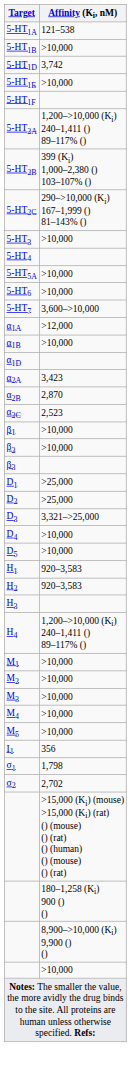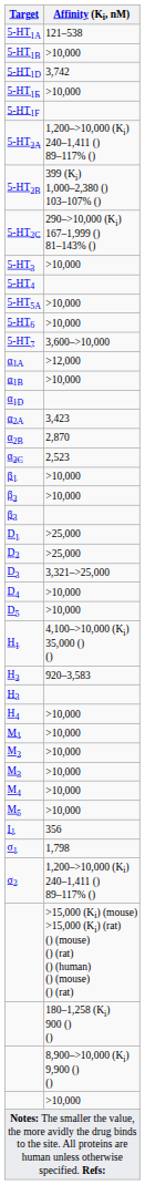 <table class="wikitable floatleft" style="font-size:small;">
 <tr>
 <th><a href='#'>Target</a></th>
 <th><a href='#'>Affinity</a> (K<sub>i</sub>, nM)</th>
 </tr>
 <tr>
 <td><a href='#'>5-HT<sub>1A</sub></a></td>
 <td>121–538</td>
 </tr>
 <tr>
 <td><a href='#'>5-HT<sub>1B</sub></a></td>
 <td>>10,000</td>
 </tr>
 <tr>
 <td><a href='#'>5-HT<sub>1D</sub></a></td>
 <td>3,742</td>
 </tr>
 <tr>
 <td><a href='#'>5-HT<sub>1E</sub></a></td>
 <td>>10,000</td>
 </tr>
 <tr>
 <td><a href='#'>5-HT<sub>1F</sub></a></td>
 <td></td>
 </tr>
 <tr>
 <td><a href='#'>5-HT<sub>2A</sub></a></td>
 <td>1,200–>10,000 (K<sub>i</sub>)<br>240–1,411 ()<br>89–117% ()</td>
 </tr>
 <tr>
 <td><a href='#'>5-HT<sub>2B</sub></a></td>
 <td>399 (K<sub>i</sub>)<br>1,000–2,380 ()<br>103–107% ()</td>
 </tr>
 <tr>
 <td><a href='#'>5-HT<sub>2C</sub></a></td>
 <td>290–>10,000 (K<sub>i</sub>)<br>167–1,999 ()<br>81–143% ()</td>
 </tr>
 <tr>
 <td><a href='#'>5-HT<sub>3</sub></a></td>
 <td>>10,000</td>
 </tr>
 <tr>
 <td><a href='#'>5-HT<sub>4</sub></a></td>
 <td></td>
 </tr>
 <tr>
 <td><a href='#'>5-HT<sub>5A</sub></a></td>
 <td>>10,000</td>
 </tr>
 <tr>
 <td><a href='#'>5-HT<sub>6</sub></a></td>
 <td>>10,000</td>
 </tr>
 <tr>
 <td><a href='#'>5-HT<sub>7</sub></a></td>
 <td>3,600–>10,000</td>
 </tr>
 <tr>
 <td><a href='#'>α<sub>1A</sub></a></td>
 <td>>12,000</td>
 </tr>
 <tr>
 <td><a href='#'>α<sub>1B</sub></a></td>
 <td>>10,000</td>
 </tr>
 <tr>
 <td><a href='#'>α<sub>1D</sub></a></td>
 <td></td>
 </tr>
 <tr>
 <td><a href='#'>α<sub>2A</sub></a></td>
 <td>3,423</td>
 </tr>
 <tr>
 <td><a href='#'>α<sub>2B</sub></a></td>
 <td>2,870</td>
 </tr>
 <tr>
 <td><a href='#'>α<sub>2C</sub></a></td>
 <td>2,523</td>
 </tr>
 <tr>
 <td><a href='#'>β<sub>1</sub></a></td>
 <td>>10,000</td>
 </tr>
 <tr>
 <td><a href='#'>β<sub>2</sub></a></td>
 <td>>10,000</td>
 </tr>
 <tr>
 <td><a href='#'>β<sub>3</sub></a></td>
 <td></td>
 </tr>
 <tr>
 <td><a href='#'>D<sub>1</sub></a></td>
 <td>>25,000</td>
 </tr>
 <tr>
 <td><a href='#'>D<sub>2</sub></a></td>
 <td>>25,000</td>
 </tr>
 <tr>
 <td><a href='#'>D<sub>3</sub></a></td>
 <td>3,321–>25,000</td>
 </tr>
 <tr>
 <td><a href='#'>D<sub>4</sub></a></td>
 <td>>10,000</td>
 </tr>
 <tr>
 <td><a href='#'>D<sub>5</sub></a></td>
 <td>>10,000</td>
 </tr>
 <tr>
 <td><a href='#'>H<sub>1</sub></a></td>
-<td>920–3,583</td>
+<td>4,100–>10,000 (K<sub>i</sub>)<br>35,000 ()<br> ()</td>
 </tr>
 <tr>
 <td><a href='#'>H<sub>2</sub></a></td>
 <td>920–3,583</td>
 </tr>
 <tr>
 <td><a href='#'>H<sub>3</sub></a></td>
 <td></td>
 </tr>
 <tr>
 <td><a href='#'>H<sub>4</sub></a></td>
-<td>1,200–>10,000 (K<sub>i</sub>)<br>240–1,411 ()<br>89–117% ()</td>
+<td>>10,000</td>
 </tr>
 <tr>
 <td><a href='#'>M<sub>1</sub></a></td>
 <td>>10,000</td>
 </tr>
 <tr>
 <td><a href='#'>M<sub>2</sub></a></td>
 <td>>10,000</td>
 </tr>
 <tr>
 <td><a href='#'>M<sub>3</sub></a></td>
 <td>>10,000</td>
 </tr>
 <tr>
 <td><a href='#'>M<sub>4</sub></a></td>
 <td>>10,000</td>
 </tr>
 <tr>
 <td><a href='#'>M<sub>5</sub></a></td>
 <td>>10,000</td>
 </tr>
 <tr>
 <td><a href='#'>I<sub>1</sub></a></td>
 <td>356</td>
 </tr>
 <tr>
 <td><a href='#'>σ<sub>1</sub></a></td>
 <td>1,798</td>
 </tr>
 <tr>
 <td><a href='#'>σ<sub>2</sub></a></td>
-<td>2,702</td>
+<td>1,200–>10,000 (K<sub>i</sub>)<br>240–1,411 ()<br>89–117% ()</td>
 </tr>
 <tr>
 <td></td>
 <td>>15,000 (K<sub>i</sub>) (mouse)<br>>15,000 (K<sub>i</sub>) (rat)<br> () (mouse)<br> () (rat)<br> () (human)<br> () (mouse)<br> () (rat)</td>
 </tr>
 <tr>
 <td></td>
 <td>180–1,258 (K<sub>i</sub>)<br>900 ()<br> ()</td>
 </tr>
 <tr>
 <td></td>
 <td>8,900–>10,000 (K<sub>i</sub>)<br>9,900 ()<br> ()</td>
 </tr>
 <tr>
 <td></td>
 <td>>10,000</td>
 </tr>
 <tr class="sortbottom">
 <td colspan="2" style="width: 1px; background-color:#eaecf0; text-align: center;"><strong>Notes:</strong> The smaller the value, the more avidly the drug binds to the site. All proteins are human unless otherwise specified. <strong>Refs:</strong> </td>
 </tr>
 </table>
